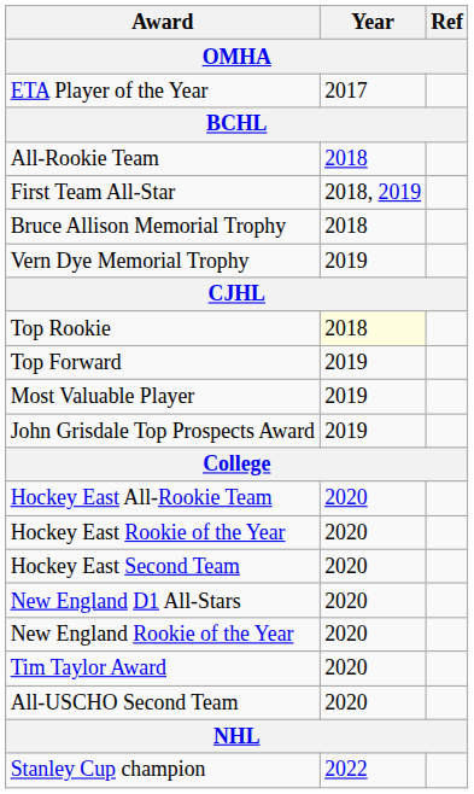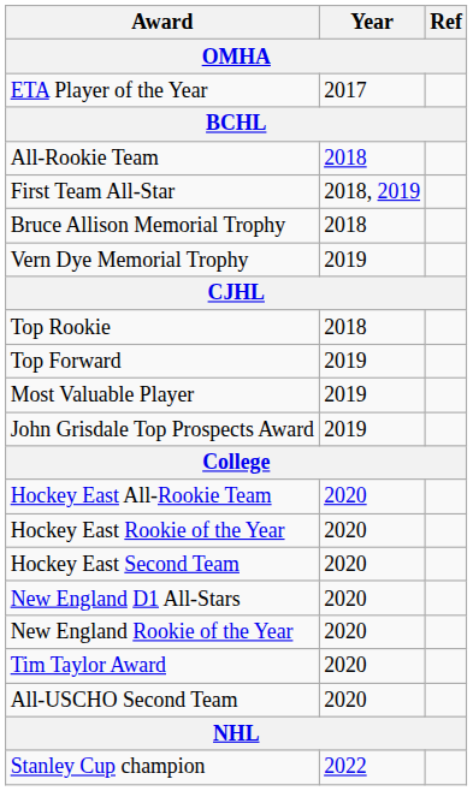 <table class="wikitable">
 <tr>
 <th>Award</th>
 <th>Year</th>
 <th>Ref</th>
 </tr>
 <tr>
 <th colspan="3"><a href='#'>OMHA</a></th>
 </tr>
 <tr>
 <td><a href='#'>ETA</a> Player of the Year</td>
 <td>2017</td>
 <td></td>
 </tr>
 <tr>
 <th colspan="3"><a href='#'>BCHL</a></th>
 </tr>
 <tr>
 <td>All-Rookie Team</td>
 <td><a href='#'>2018</a></td>
 <td></td>
 </tr>
 <tr>
 <td>First Team All-Star</td>
 <td>2018, <a href='#'>2019</a></td>
 <td></td>
 </tr>
 <tr>
 <td>Bruce Allison Memorial Trophy</td>
 <td>2018</td>
 <td></td>
 </tr>
 <tr>
 <td>Vern Dye Memorial Trophy</td>
 <td>2019</td>
 <td></td>
 </tr>
 <tr>
 <th colspan="3"><a href='#'>CJHL</a></th>
 </tr>
 <tr>
 <td>Top Rookie</td>
-<td style="background: lightyellow;">2018</td>
+<td>2018</td>
 <td></td>
 </tr>
 <tr>
 <td>Top Forward</td>
 <td>2019</td>
 <td></td>
 </tr>
 <tr>
 <td>Most Valuable Player</td>
 <td>2019</td>
 <td></td>
 </tr>
 <tr>
 <td>John Grisdale Top Prospects Award</td>
 <td>2019</td>
 <td></td>
 </tr>
 <tr>
 <th colspan="3"><a href='#'>College</a></th>
 </tr>
 <tr>
 <td><a href='#'>Hockey East</a> All-<a href='#'>Rookie Team</a></td>
 <td><a href='#'>2020</a></td>
 <td></td>
 </tr>
 <tr>
 <td>Hockey East <a href='#'>Rookie of the Year</a></td>
 <td>2020</td>
 <td></td>
 </tr>
 <tr>
 <td>Hockey East <a href='#'>Second Team</a></td>
 <td>2020</td>
 <td></td>
 </tr>
 <tr>
 <td><a href='#'>New England</a> <a href='#'>D1</a> All-Stars</td>
 <td>2020</td>
 <td></td>
 </tr>
 <tr>
 <td>New England <a href='#'>Rookie of the Year</a></td>
 <td>2020</td>
 <td></td>
 </tr>
 <tr>
 <td><a href='#'>Tim Taylor Award</a></td>
 <td>2020</td>
 <td></td>
 </tr>
 <tr>
 <td>All-USCHO Second Team</td>
 <td>2020</td>
 <td></td>
 </tr>
 <tr>
 <th colspan="3"><a href='#'>NHL</a></th>
 </tr>
 <tr>
 <td><a href='#'>Stanley Cup</a> champion</td>
 <td><a href='#'>2022</a></td>
 <td></td>
 </tr>
 </table>
